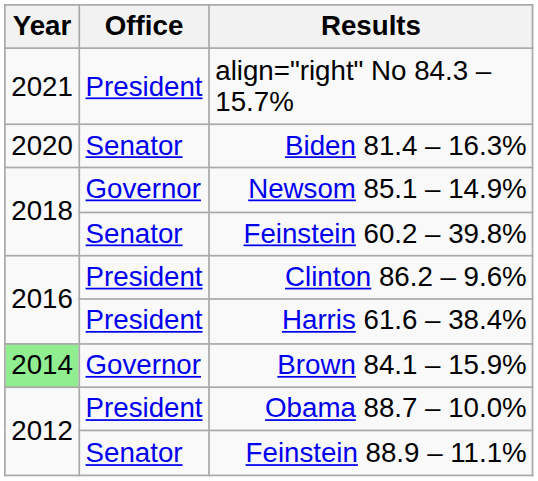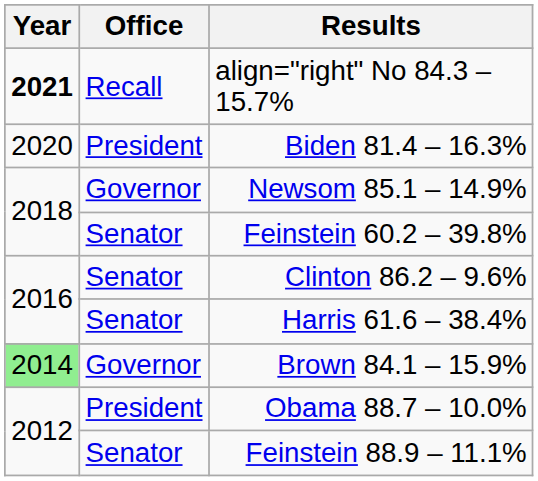 <table class=wikitable>
 <tr>
 <th width="30">Year</th>
 <th width="60">Office</th>
 <th width="180">Results</th>
 </tr>
 <tr>
-<td>2021</td>
-<td><a href='#'>President</a></td>
+<td><strong>2021</strong></td>
+<td><a href='#'>Recall</a></td>
 <td>align="right"  No 84.3 – 15.7%</td>
 </tr>
 <tr>
 <td>2020</td>
-<td><a href='#'>Senator</a></td>
+<td><a href='#'>President</a></td>
 <td align="right" ><a href='#'>Biden</a> 81.4 – 16.3%</td>
 </tr>
 <tr>
 <td rowspan="2">2018</td>
 <td><a href='#'>Governor</a></td>
 <td align="right" ><a href='#'>Newsom</a> 85.1 – 14.9%</td>
 </tr>
 <tr>
 <td><a href='#'>Senator</a></td>
 <td align="right" ><a href='#'>Feinstein</a> 60.2 – 39.8%</td>
 </tr>
 <tr>
 <td rowspan="2">2016</td>
-<td><a href='#'>President</a></td>
+<td><a href='#'>Senator</a></td>
 <td align="right" ><a href='#'>Clinton</a> 86.2 – 9.6%</td>
 </tr>
 <tr>
-<td><a href='#'>President</a></td>
+<td><a href='#'>Senator</a></td>
 <td align="right" ><a href='#'>Harris</a> 61.6 – 38.4%</td>
 </tr>
 <tr>
 <td style="background: lightgreen;">2014</td>
 <td><a href='#'>Governor</a></td>
 <td align="right" ><a href='#'>Brown</a> 84.1 – 15.9%</td>
 </tr>
 <tr>
 <td rowspan="2">2012</td>
 <td><a href='#'>President</a></td>
 <td align="right" ><a href='#'>Obama</a> 88.7 – 10.0%</td>
 </tr>
 <tr>
 <td><a href='#'>Senator</a></td>
 <td align="right" ><a href='#'>Feinstein</a> 88.9 – 11.1%</td>
 </tr>
 </table>
